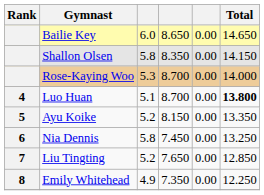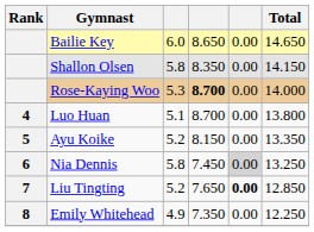 <table class="wikitable sortable" style="text-align:center; font-size:95%">
 <tr>
 <th scope=col>Rank</th>
 <th scope=col>Gymnast</th>
 <th scope=col></th>
 <th scope=col></th>
 <th scope=col></th>
 <th scope=col>Total</th>
 </tr>
 <tr bgcolor=fffcaf>
 <th scope=row style="text-align:center"></th>
 <td align=left><a href='#'>Bailie Key</a><br></td>
 <td>6.0</td>
 <td>8.650</td>
 <td>0.00</td>
 <td>14.650</td>
 </tr>
 <tr bgcolor=e5e5e5>
 <th scope=row style="text-align:center"></th>
 <td align=left><a href='#'>Shallon Olsen</a><br></td>
 <td>5.8</td>
 <td>8.350</td>
 <td>0.00</td>
 <td>14.150</td>
 </tr>
 <tr bgcolor=eecc99>
 <th scope=row style="text-align:center"></th>
 <td align=left><a href='#'>Rose-Kaying Woo</a><br></td>
 <td>5.3</td>
-<td>8.700</td>
+<td><strong>8.700</strong></td>
 <td>0.00</td>
 <td>14.000</td>
 </tr>
 <tr>
 <th scope=row style="text-align:center">4</th>
 <td align=left><a href='#'>Luo Huan</a><br></td>
 <td>5.1</td>
 <td>8.700</td>
 <td>0.00</td>
-<td><strong>13.800</strong></td>
+<td>13.800</td>
 </tr>
 <tr>
 <th scope=row style="text-align:center">5</th>
 <td align=left><a href='#'>Ayu Koike</a><br></td>
 <td>5.2</td>
 <td>8.150</td>
 <td>0.00</td>
 <td>13.350</td>
 </tr>
 <tr>
 <th scope=row style="text-align:center">6</th>
 <td align=left><a href='#'>Nia Dennis</a><br></td>
 <td>5.8</td>
 <td>7.450</td>
-<td>0.00</td>
+<td style="background: lightgrey;">0.00</td>
 <td>13.250</td>
 </tr>
 <tr>
 <th scope=row style="text-align:center">7</th>
 <td align=left><a href='#'>Liu Tingting</a><br></td>
 <td>5.2</td>
 <td>7.650</td>
-<td>0.00</td>
+<td><strong>0.00</strong></td>
 <td>12.850</td>
 </tr>
 <tr>
 <th scope=row style="text-align:center">8</th>
 <td align=left><a href='#'>Emily Whitehead</a><br></td>
 <td>4.9</td>
 <td>7.350</td>
 <td>0.00</td>
 <td>12.250</td>
 </tr>
 <tr>
 </tr>
 </table>
